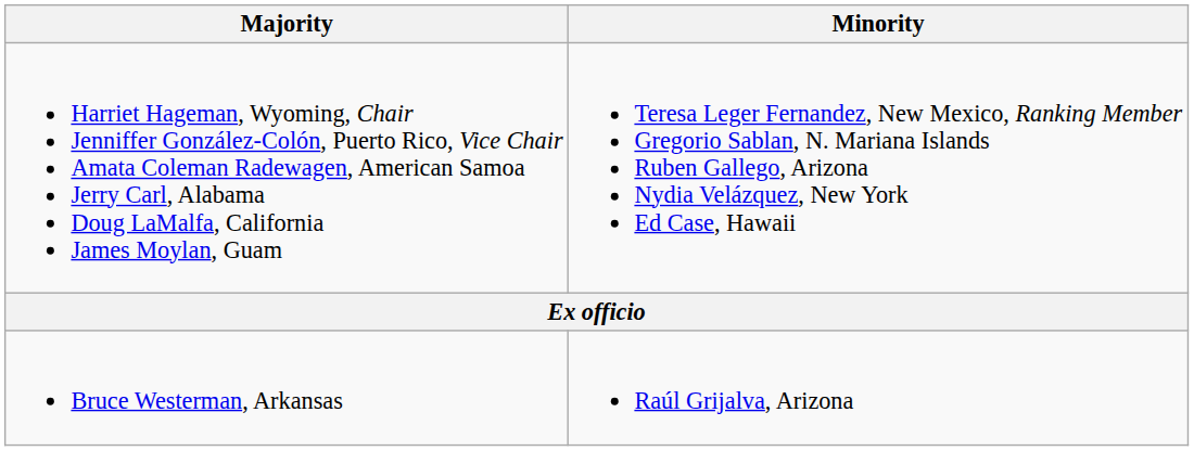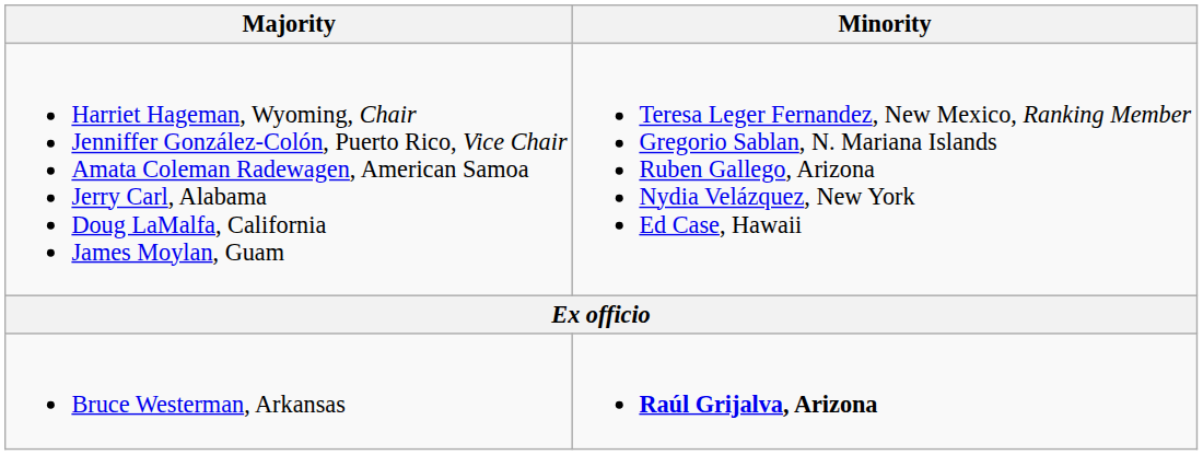 <table class=wikitable>
 <tr>
 <th>Majority</th>
 <th>Minority</th>
 </tr>
 <tr valign=top>
 <td><br><ul><li><a href='#'>Harriet Hageman</a>, Wyoming, <em>Chair</em></li><li><a href='#'>Jenniffer González-Colón</a>, Puerto Rico, <em>Vice Chair</em></li><li><a href='#'>Amata Coleman Radewagen</a>, American Samoa</li><li><a href='#'>Jerry Carl</a>, Alabama</li><li><a href='#'>Doug LaMalfa</a>, California</li><li><a href='#'>James Moylan</a>, Guam</li></ul></td>
 <td><br><ul><li><a href='#'>Teresa Leger Fernandez</a>, New Mexico, <em>Ranking Member</em></li><li><a href='#'>Gregorio Sablan</a>, N. Mariana Islands</li><li><a href='#'>Ruben Gallego</a>, Arizona</li><li><a href='#'>Nydia Velázquez</a>, New York</li><li><a href='#'>Ed Case</a>, Hawaii</li></ul></td>
 </tr>
 <tr>
 <th colspan=2><em>Ex officio</em></th>
 </tr>
 <tr>
 <td><br><ul><li><a href='#'>Bruce Westerman</a>, Arkansas</li></ul></td>
-<td><br><ul><li><a href='#'>Raúl Grijalva</a>, Arizona</li></ul></td>
+<td><strong><br><ul><li><a href='#'>Raúl Grijalva</a>, Arizona</li></ul></strong></td>
 </tr>
 </table>
